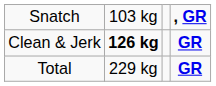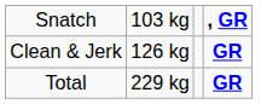 <table class = "wikitable" style="text-align:center;">
 <tr>
 <td>Snatch</td>
 <td>103 kg</td>
 <td align=left></td>
 <td><strong>, <a href='#'>GR</a></strong></td>
 </tr>
 <tr>
 <td>Clean & Jerk</td>
-<td><strong>126 kg</strong></td>
+<td>126 kg</td>
 <td align=left></td>
 <td><strong><a href='#'>GR</a></strong></td>
 </tr>
 <tr>
 <td>Total</td>
 <td>229 kg</td>
 <td align=left></td>
 <td><strong><a href='#'>GR</a></strong></td>
 </tr>
 </table>
